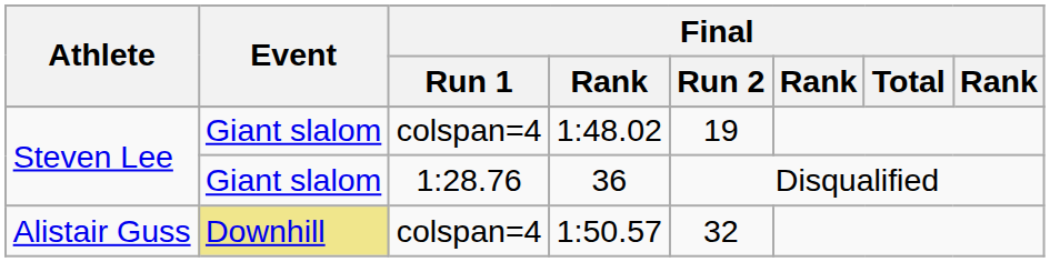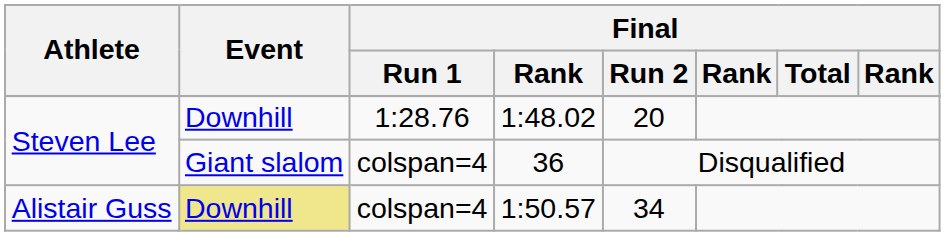 <table class="wikitable" style="font-size:90%">
 <tr>
 <th rowspan="2">Athlete</th>
 <th rowspan="2">Event</th>
 <th colspan="6">Final</th>
 </tr>
 <tr>
 <th>Run 1</th>
 <th>Rank</th>
 <th>Run 2</th>
 <th>Rank</th>
 <th>Total</th>
 <th>Rank</th>
 </tr>
 <tr>
 </tr>
 <tr align="center">
 <td align="left" rowspan=2><a href='#'>Steven Lee</a></td>
-<td align="left"><a href='#'>Giant slalom</a></td>
-<td>colspan=4 </td>
+<td align="left"><a href='#'>Downhill</a></td>
+<td>1:28.76</td>
 <td>1:48.02</td>
-<td>19</td>
+<td>20</td>
 </tr>
 <tr align="center">
 <td align="left"><a href='#'>Giant slalom</a></td>
-<td>1:28.76</td>
+<td>colspan=4 </td>
 <td>36</td>
 <td colspan=4>Disqualified</td>
 </tr>
 <tr align="center">
 <td align="left"><a href='#'>Alistair Guss</a></td>
 <td align="left" style="background: khaki;"><a href='#'>Downhill</a></td>
 <td>colspan=4 </td>
 <td>1:50.57</td>
-<td>32</td>
+<td>34</td>
 </tr>
 </table>
